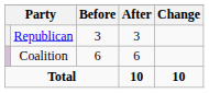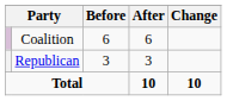 <table class="wikitable" style="text-align:center;">
 <tr>
 </tr>
 <tr>
 <th colspan=2>Party</th>
 <th>Before</th>
 <th>After</th>
 <th>Change</th>
 </tr>
 <tr>
+<th style="background:thistle;"></th>
+<td>Coalition</td>
+<td>6</td>
+<td>6</td>
+<td></td>
+</tr>
+<tr>
 <th style="background-color:"></th>
 <td style="text-align:left;"><a href='#'>Republican</a></td>
 <td>3</td>
 <td>3</td>
-<td></td>
-</tr>
-<tr>
-<th style="background:thistle;"></th>
-<td>Coalition</td>
-<td>6</td>
-<td>6</td>
 <td></td>
 </tr>
 <tr>
 <td colspan=3><strong>Total</strong></td>
 <td><strong>10</strong></td>
 <td><strong>10</strong></td>
 </tr>
 </table>
